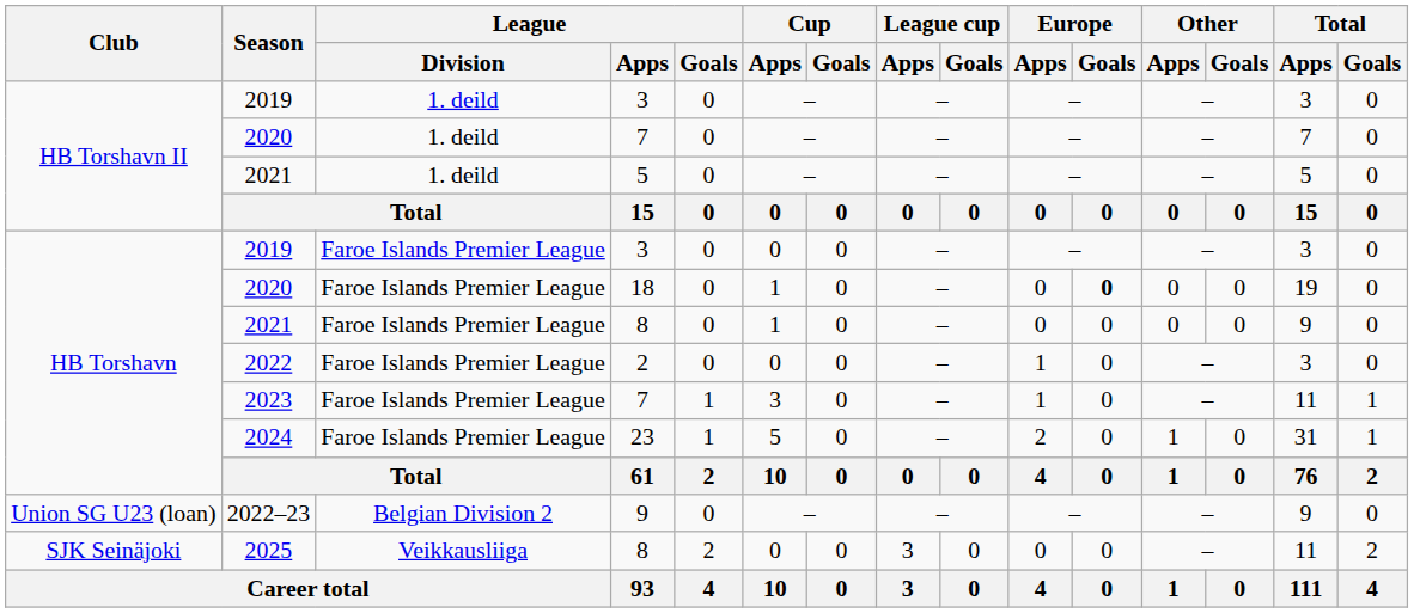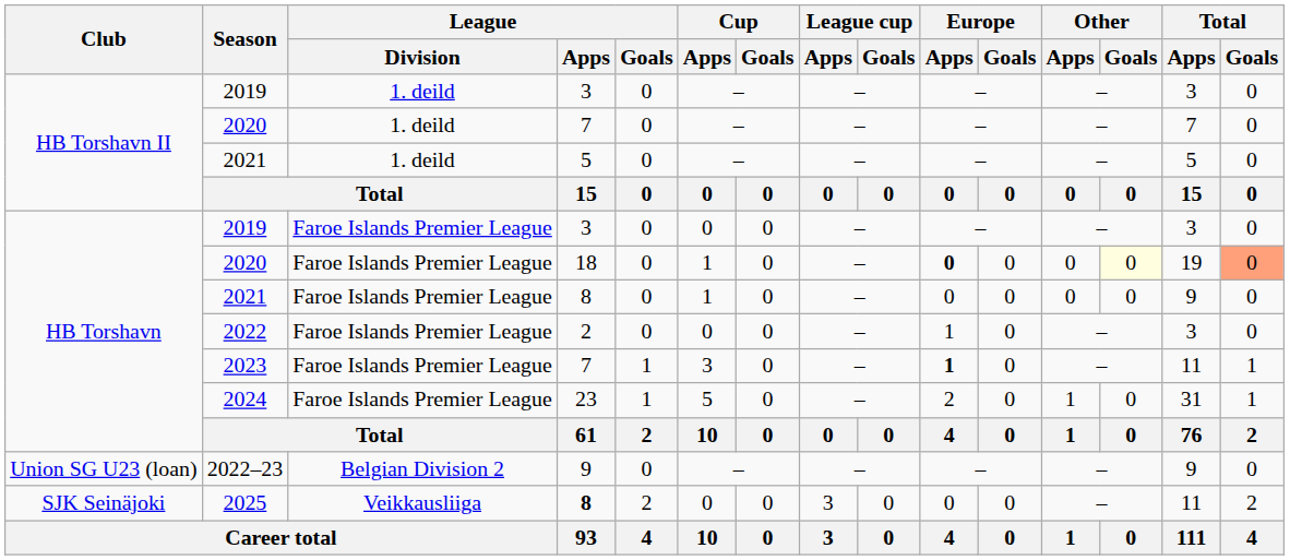 <table class="wikitable" style="text-align:center">
 <tr>
 <th rowspan="2">Club</th>
 <th rowspan="2">Season</th>
 <th colspan="3">League</th>
 <th colspan="2">Cup</th>
 <th colspan="2">League cup</th>
 <th colspan="2">Europe</th>
 <th colspan="2">Other</th>
 <th colspan="2">Total</th>
 </tr>
 <tr>
 <th>Division</th>
 <th>Apps</th>
 <th>Goals</th>
 <th>Apps</th>
 <th>Goals</th>
 <th>Apps</th>
 <th>Goals</th>
 <th>Apps</th>
 <th>Goals</th>
 <th>Apps</th>
 <th>Goals</th>
 <th>Apps</th>
 <th>Goals</th>
 </tr>
 <tr>
 <td rowspan=4><a href='#'>HB Torshavn II</a></td>
 <td>2019</td>
 <td><a href='#'>1. deild</a></td>
 <td>3</td>
 <td>0</td>
 <td colspan=2>–</td>
 <td colspan=2>–</td>
 <td colspan=2>–</td>
 <td colspan=2>–</td>
 <td>3</td>
 <td>0</td>
 </tr>
 <tr>
 <td><a href='#'>2020</a></td>
 <td>1. deild</td>
 <td>7</td>
 <td>0</td>
 <td colspan=2>–</td>
 <td colspan=2>–</td>
 <td colspan=2>–</td>
 <td colspan=2>–</td>
 <td>7</td>
 <td>0</td>
 </tr>
 <tr>
 <td>2021</td>
 <td>1. deild</td>
 <td>5</td>
 <td>0</td>
 <td colspan=2>–</td>
 <td colspan=2>–</td>
 <td colspan=2>–</td>
 <td colspan=2>–</td>
 <td>5</td>
 <td>0</td>
 </tr>
 <tr>
 <th colspan=2>Total</th>
 <th>15</th>
 <th>0</th>
 <th>0</th>
 <th>0</th>
 <th>0</th>
 <th>0</th>
 <th>0</th>
 <th>0</th>
 <th>0</th>
 <th>0</th>
 <th>15</th>
 <th>0</th>
 </tr>
 <tr>
 <td rowspan=7><a href='#'>HB Torshavn</a></td>
 <td><a href='#'>2019</a></td>
 <td><a href='#'>Faroe Islands Premier League</a></td>
 <td>3</td>
 <td>0</td>
 <td>0</td>
 <td>0</td>
 <td colspan=2>–</td>
 <td colspan=2>–</td>
 <td colspan=2>–</td>
 <td>3</td>
 <td>0</td>
 </tr>
 <tr>
 <td><a href='#'>2020</a></td>
 <td>Faroe Islands Premier League</td>
 <td>18</td>
 <td>0</td>
 <td>1</td>
 <td>0</td>
 <td colspan=2>–</td>
-<td>0</td>
 <td><strong>0</strong></td>
 <td>0</td>
 <td>0</td>
+<td style="background: lightyellow;">0</td>
 <td>19</td>
-<td>0</td>
+<td style="background: lightsalmon;">0</td>
 </tr>
 <tr>
 <td><a href='#'>2021</a></td>
 <td>Faroe Islands Premier League</td>
 <td>8</td>
 <td>0</td>
 <td>1</td>
 <td>0</td>
 <td colspan=2>–</td>
 <td>0</td>
 <td>0</td>
 <td>0</td>
 <td>0</td>
 <td>9</td>
 <td>0</td>
 </tr>
 <tr>
 <td><a href='#'>2022</a></td>
 <td>Faroe Islands Premier League</td>
 <td>2</td>
 <td>0</td>
 <td>0</td>
 <td>0</td>
 <td colspan=2>–</td>
 <td>1</td>
 <td>0</td>
 <td colspan=2>–</td>
 <td>3</td>
 <td>0</td>
 </tr>
 <tr>
 <td><a href='#'>2023</a></td>
 <td>Faroe Islands Premier League</td>
 <td>7</td>
 <td>1</td>
 <td>3</td>
 <td>0</td>
 <td colspan=2>–</td>
-<td>1</td>
+<td><strong>1</strong></td>
 <td>0</td>
 <td colspan=2>–</td>
 <td>11</td>
 <td>1</td>
 </tr>
 <tr>
 <td><a href='#'>2024</a></td>
 <td>Faroe Islands Premier League</td>
 <td>23</td>
 <td>1</td>
 <td>5</td>
 <td>0</td>
 <td colspan=2>–</td>
 <td>2</td>
 <td>0</td>
 <td>1</td>
 <td>0</td>
 <td>31</td>
 <td>1</td>
 </tr>
 <tr>
 <th colspan=2>Total</th>
 <th>61</th>
 <th>2</th>
 <th>10</th>
 <th>0</th>
 <th>0</th>
 <th>0</th>
 <th>4</th>
 <th>0</th>
 <th>1</th>
 <th>0</th>
 <th>76</th>
 <th>2</th>
 </tr>
 <tr>
 <td><a href='#'>Union SG U23</a> (loan)</td>
 <td>2022–23</td>
 <td><a href='#'>Belgian Division 2</a></td>
 <td>9</td>
 <td>0</td>
 <td colspan=2>–</td>
 <td colspan=2>–</td>
 <td colspan=2>–</td>
 <td colspan=2>–</td>
 <td>9</td>
 <td>0</td>
 </tr>
 <tr>
 <td><a href='#'>SJK Seinäjoki</a></td>
 <td><a href='#'>2025</a></td>
 <td><a href='#'>Veikkausliiga</a></td>
-<td>8</td>
+<td><strong>8</strong></td>
 <td>2</td>
 <td>0</td>
 <td>0</td>
 <td>3</td>
 <td>0</td>
 <td>0</td>
 <td>0</td>
 <td colspan=2>–</td>
 <td>11</td>
 <td>2</td>
 </tr>
 <tr>
 <th colspan="3">Career total</th>
 <th>93</th>
 <th>4</th>
 <th>10</th>
 <th>0</th>
 <th>3</th>
 <th>0</th>
 <th>4</th>
 <th>0</th>
 <th>1</th>
 <th>0</th>
 <th>111</th>
 <th>4</th>
 </tr>
 </table>
